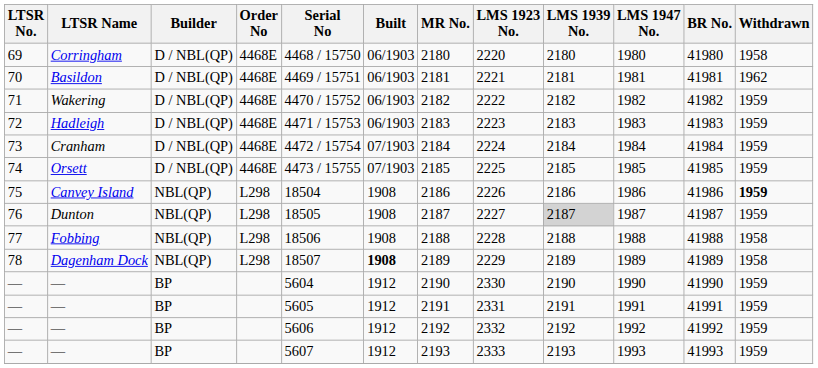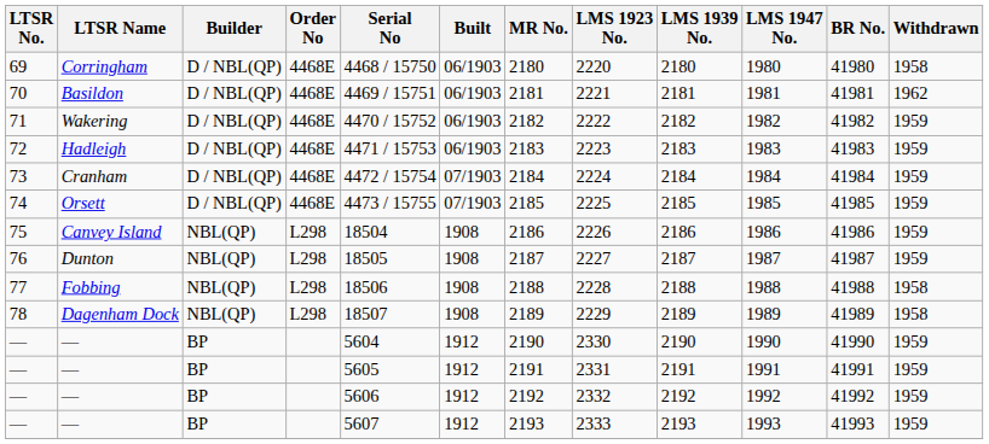 <table class="wikitable sortable">
 <tr>
 <th>LTSR<br>No.</th>
 <th>LTSR Name</th>
 <th>Builder</th>
 <th>Order<br>No</th>
 <th>Serial<br>No</th>
 <th>Built</th>
 <th>MR No.</th>
 <th>LMS 1923<br>No.</th>
 <th>LMS 1939<br>No.</th>
 <th>LMS 1947<br>No.</th>
 <th>BR No.</th>
 <th>Withdrawn</th>
 </tr>
 <tr>
 <td>69</td>
 <td><em><a href='#'>Corringham</a></em></td>
 <td>D / NBL(QP)</td>
 <td>4468E</td>
 <td>4468 / 15750</td>
 <td>06/1903</td>
 <td>2180</td>
 <td>2220</td>
 <td>2180</td>
 <td>1980</td>
 <td>41980</td>
 <td>1958</td>
 </tr>
 <tr>
 <td>70</td>
 <td><em><a href='#'>Basildon</a></em></td>
 <td>D / NBL(QP)</td>
 <td>4468E</td>
 <td>4469 / 15751</td>
 <td>06/1903</td>
 <td>2181</td>
 <td>2221</td>
 <td>2181</td>
 <td>1981</td>
 <td>41981</td>
 <td>1962</td>
 </tr>
 <tr>
 <td>71</td>
 <td><em>Wakering</em></td>
 <td>D / NBL(QP)</td>
 <td>4468E</td>
 <td>4470 / 15752</td>
 <td>06/1903</td>
 <td>2182</td>
 <td>2222</td>
 <td>2182</td>
 <td>1982</td>
 <td>41982</td>
 <td>1959</td>
 </tr>
 <tr>
 <td>72</td>
 <td><em><a href='#'>Hadleigh</a></em></td>
 <td>D / NBL(QP)</td>
 <td>4468E</td>
 <td>4471 / 15753</td>
 <td>06/1903</td>
 <td>2183</td>
 <td>2223</td>
 <td>2183</td>
 <td>1983</td>
 <td>41983</td>
 <td>1959</td>
 </tr>
 <tr>
 <td>73</td>
 <td><em>Cranham</em></td>
 <td>D / NBL(QP)</td>
 <td>4468E</td>
 <td>4472 / 15754</td>
 <td>07/1903</td>
 <td>2184</td>
 <td>2224</td>
 <td>2184</td>
 <td>1984</td>
 <td>41984</td>
 <td>1959</td>
 </tr>
 <tr>
 <td>74</td>
 <td><em><a href='#'>Orsett</a></em></td>
 <td>D / NBL(QP)</td>
 <td>4468E</td>
 <td>4473 / 15755</td>
 <td>07/1903</td>
 <td>2185</td>
 <td>2225</td>
 <td>2185</td>
 <td>1985</td>
 <td>41985</td>
 <td>1959</td>
 </tr>
 <tr>
 <td>75</td>
 <td><em><a href='#'>Canvey Island</a></em></td>
 <td>NBL(QP)</td>
 <td>L298</td>
 <td>18504</td>
 <td>1908</td>
 <td>2186</td>
 <td>2226</td>
 <td>2186</td>
 <td>1986</td>
 <td>41986</td>
-<td><strong>1959</strong></td>
+<td>1959</td>
 </tr>
 <tr>
 <td>76</td>
 <td><em>Dunton</em></td>
 <td>NBL(QP)</td>
 <td>L298</td>
 <td>18505</td>
 <td>1908</td>
 <td>2187</td>
 <td>2227</td>
-<td style="background: lightgrey;">2187</td>
+<td>2187</td>
 <td>1987</td>
 <td>41987</td>
 <td>1959</td>
 </tr>
 <tr>
 <td>77</td>
 <td><em><a href='#'>Fobbing</a></em></td>
 <td>NBL(QP)</td>
 <td>L298</td>
 <td>18506</td>
 <td>1908</td>
 <td>2188</td>
 <td>2228</td>
 <td>2188</td>
 <td>1988</td>
 <td>41988</td>
 <td>1958</td>
 </tr>
 <tr>
 <td>78</td>
 <td><em><a href='#'>Dagenham Dock</a></em></td>
 <td>NBL(QP)</td>
 <td>L298</td>
 <td>18507</td>
-<td><strong>1908</strong></td>
+<td>1908</td>
 <td>2189</td>
 <td>2229</td>
 <td>2189</td>
 <td>1989</td>
 <td>41989</td>
 <td>1958</td>
 </tr>
 <tr>
 <td>—</td>
 <td>—</td>
 <td>BP</td>
 <td></td>
 <td>5604</td>
 <td>1912</td>
 <td>2190</td>
 <td>2330</td>
 <td>2190</td>
 <td>1990</td>
 <td>41990</td>
 <td>1959</td>
 </tr>
 <tr>
 <td>—</td>
 <td>—</td>
 <td>BP</td>
 <td></td>
 <td>5605</td>
 <td>1912</td>
 <td>2191</td>
 <td>2331</td>
 <td>2191</td>
 <td>1991</td>
 <td>41991</td>
 <td>1959</td>
 </tr>
 <tr>
 <td>—</td>
 <td>—</td>
 <td>BP</td>
 <td></td>
 <td>5606</td>
 <td>1912</td>
 <td>2192</td>
 <td>2332</td>
 <td>2192</td>
 <td>1992</td>
 <td>41992</td>
 <td>1959</td>
 </tr>
 <tr>
 <td>—</td>
 <td>—</td>
 <td>BP</td>
 <td></td>
 <td>5607</td>
 <td>1912</td>
 <td>2193</td>
 <td>2333</td>
 <td>2193</td>
 <td>1993</td>
 <td>41993</td>
 <td>1959</td>
 </tr>
 <tr>
 </tr>
 </table>
